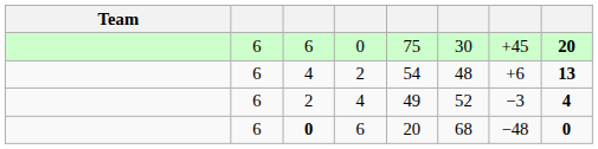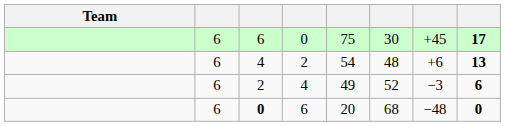 <table class=wikitable style="text-align:center">
 <tr>
 <th width=200>Team</th>
 <th width=40></th>
 <th width=40></th>
 <th width=40></th>
 <th width=40></th>
 <th width=40></th>
 <th width=40></th>
 <th width=40></th>
 </tr>
 <tr bgcolor=ccffcc>
 <td align=left></td>
 <td>6</td>
 <td>6</td>
 <td>0</td>
 <td>75</td>
 <td>30</td>
 <td>+45</td>
-<td><strong>20</strong></td>
+<td><strong>17</strong></td>
 </tr>
 <tr>
 <td align=left></td>
 <td>6</td>
 <td>4</td>
 <td>2</td>
 <td>54</td>
 <td>48</td>
 <td>+6</td>
 <td><strong>13</strong></td>
 </tr>
 <tr>
 <td align=left></td>
 <td>6</td>
 <td>2</td>
 <td>4</td>
 <td>49</td>
 <td>52</td>
 <td>−3</td>
-<td><strong>4</strong></td>
+<td><strong>6</strong></td>
 </tr>
 <tr>
 <td align=left></td>
 <td>6</td>
 <td><strong>0</strong></td>
 <td>6</td>
 <td>20</td>
 <td>68</td>
 <td>−48</td>
 <td><strong>0</strong></td>
 </tr>
 </table>
